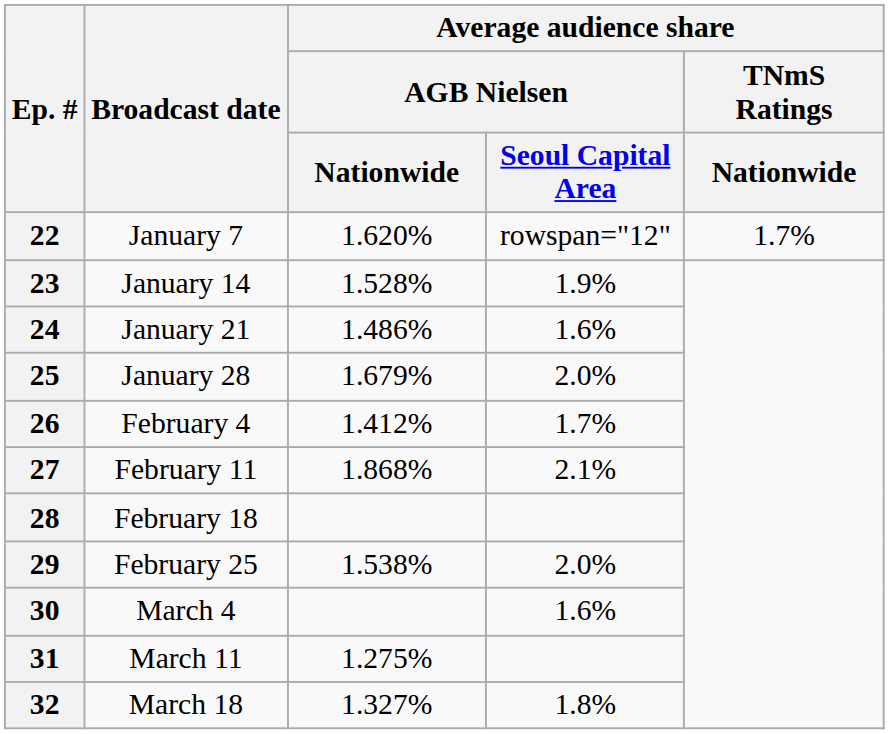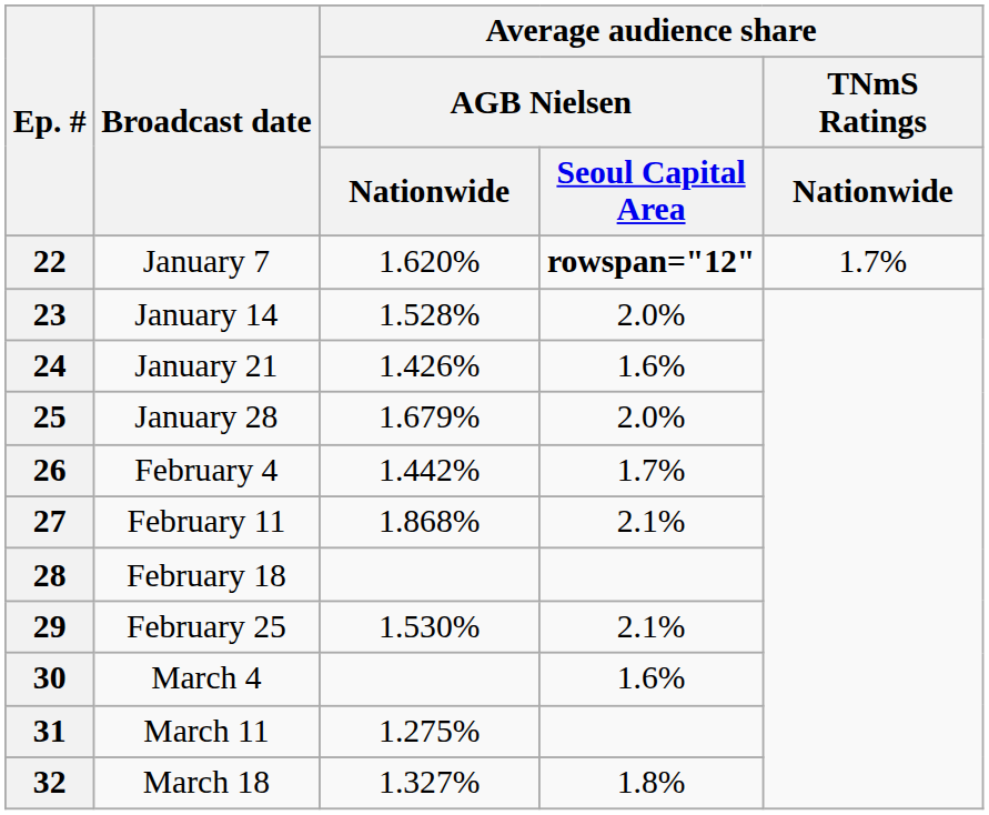 <table class="wikitable" style="text-align:center">
 <tr>
 <th rowspan="3">Ep. #</th>
 <th rowspan="3">Broadcast date</th>
 <th colspan="3">Average audience share</th>
 </tr>
 <tr>
 <th colspan="2">AGB Nielsen</th>
 <th colspan="1">TNmS Ratings</th>
 </tr>
 <tr>
 <th width=100>Nationwide</th>
 <th width=100><a href='#'>Seoul Capital Area</a></th>
 <th width=100>Nationwide</th>
 </tr>
 <tr>
 <th>22</th>
 <td>January 7</td>
 <td>1.620%</td>
-<td>rowspan="12" </td>
+<td><strong>rowspan="12" </strong></td>
 <td>1.7%</td>
 </tr>
 <tr>
 <th>23</th>
 <td>January 14</td>
 <td>1.528%</td>
-<td>1.9%</td>
+<td>2.0%</td>
 </tr>
 <tr>
 <th>24</th>
 <td>January 21</td>
-<td>1.486%</td>
+<td>1.426%</td>
 <td>1.6%</td>
 </tr>
 <tr>
 <th>25</th>
 <td>January 28</td>
 <td>1.679%</td>
 <td>2.0%</td>
 </tr>
 <tr>
 <th>26</th>
 <td>February 4</td>
-<td>1.412%</td>
+<td>1.442%</td>
 <td>1.7%</td>
 </tr>
 <tr>
 <th>27</th>
 <td>February 11</td>
 <td>1.868%</td>
 <td>2.1%</td>
 </tr>
 <tr>
 <th>28</th>
 <td>February 18</td>
 <td></td>
 <td></td>
 </tr>
 <tr>
 <th>29</th>
 <td>February 25</td>
-<td>1.538%</td>
-<td>2.0%</td>
+<td>1.530%</td>
+<td>2.1%</td>
 </tr>
 <tr>
 <th>30</th>
 <td>March 4</td>
 <td></td>
 <td>1.6%</td>
 </tr>
 <tr>
 <th>31</th>
 <td>March 11</td>
 <td>1.275%</td>
 <td></td>
 </tr>
 <tr>
 <th>32</th>
 <td>March 18</td>
 <td>1.327%</td>
 <td>1.8%</td>
 </tr>
 </table>
